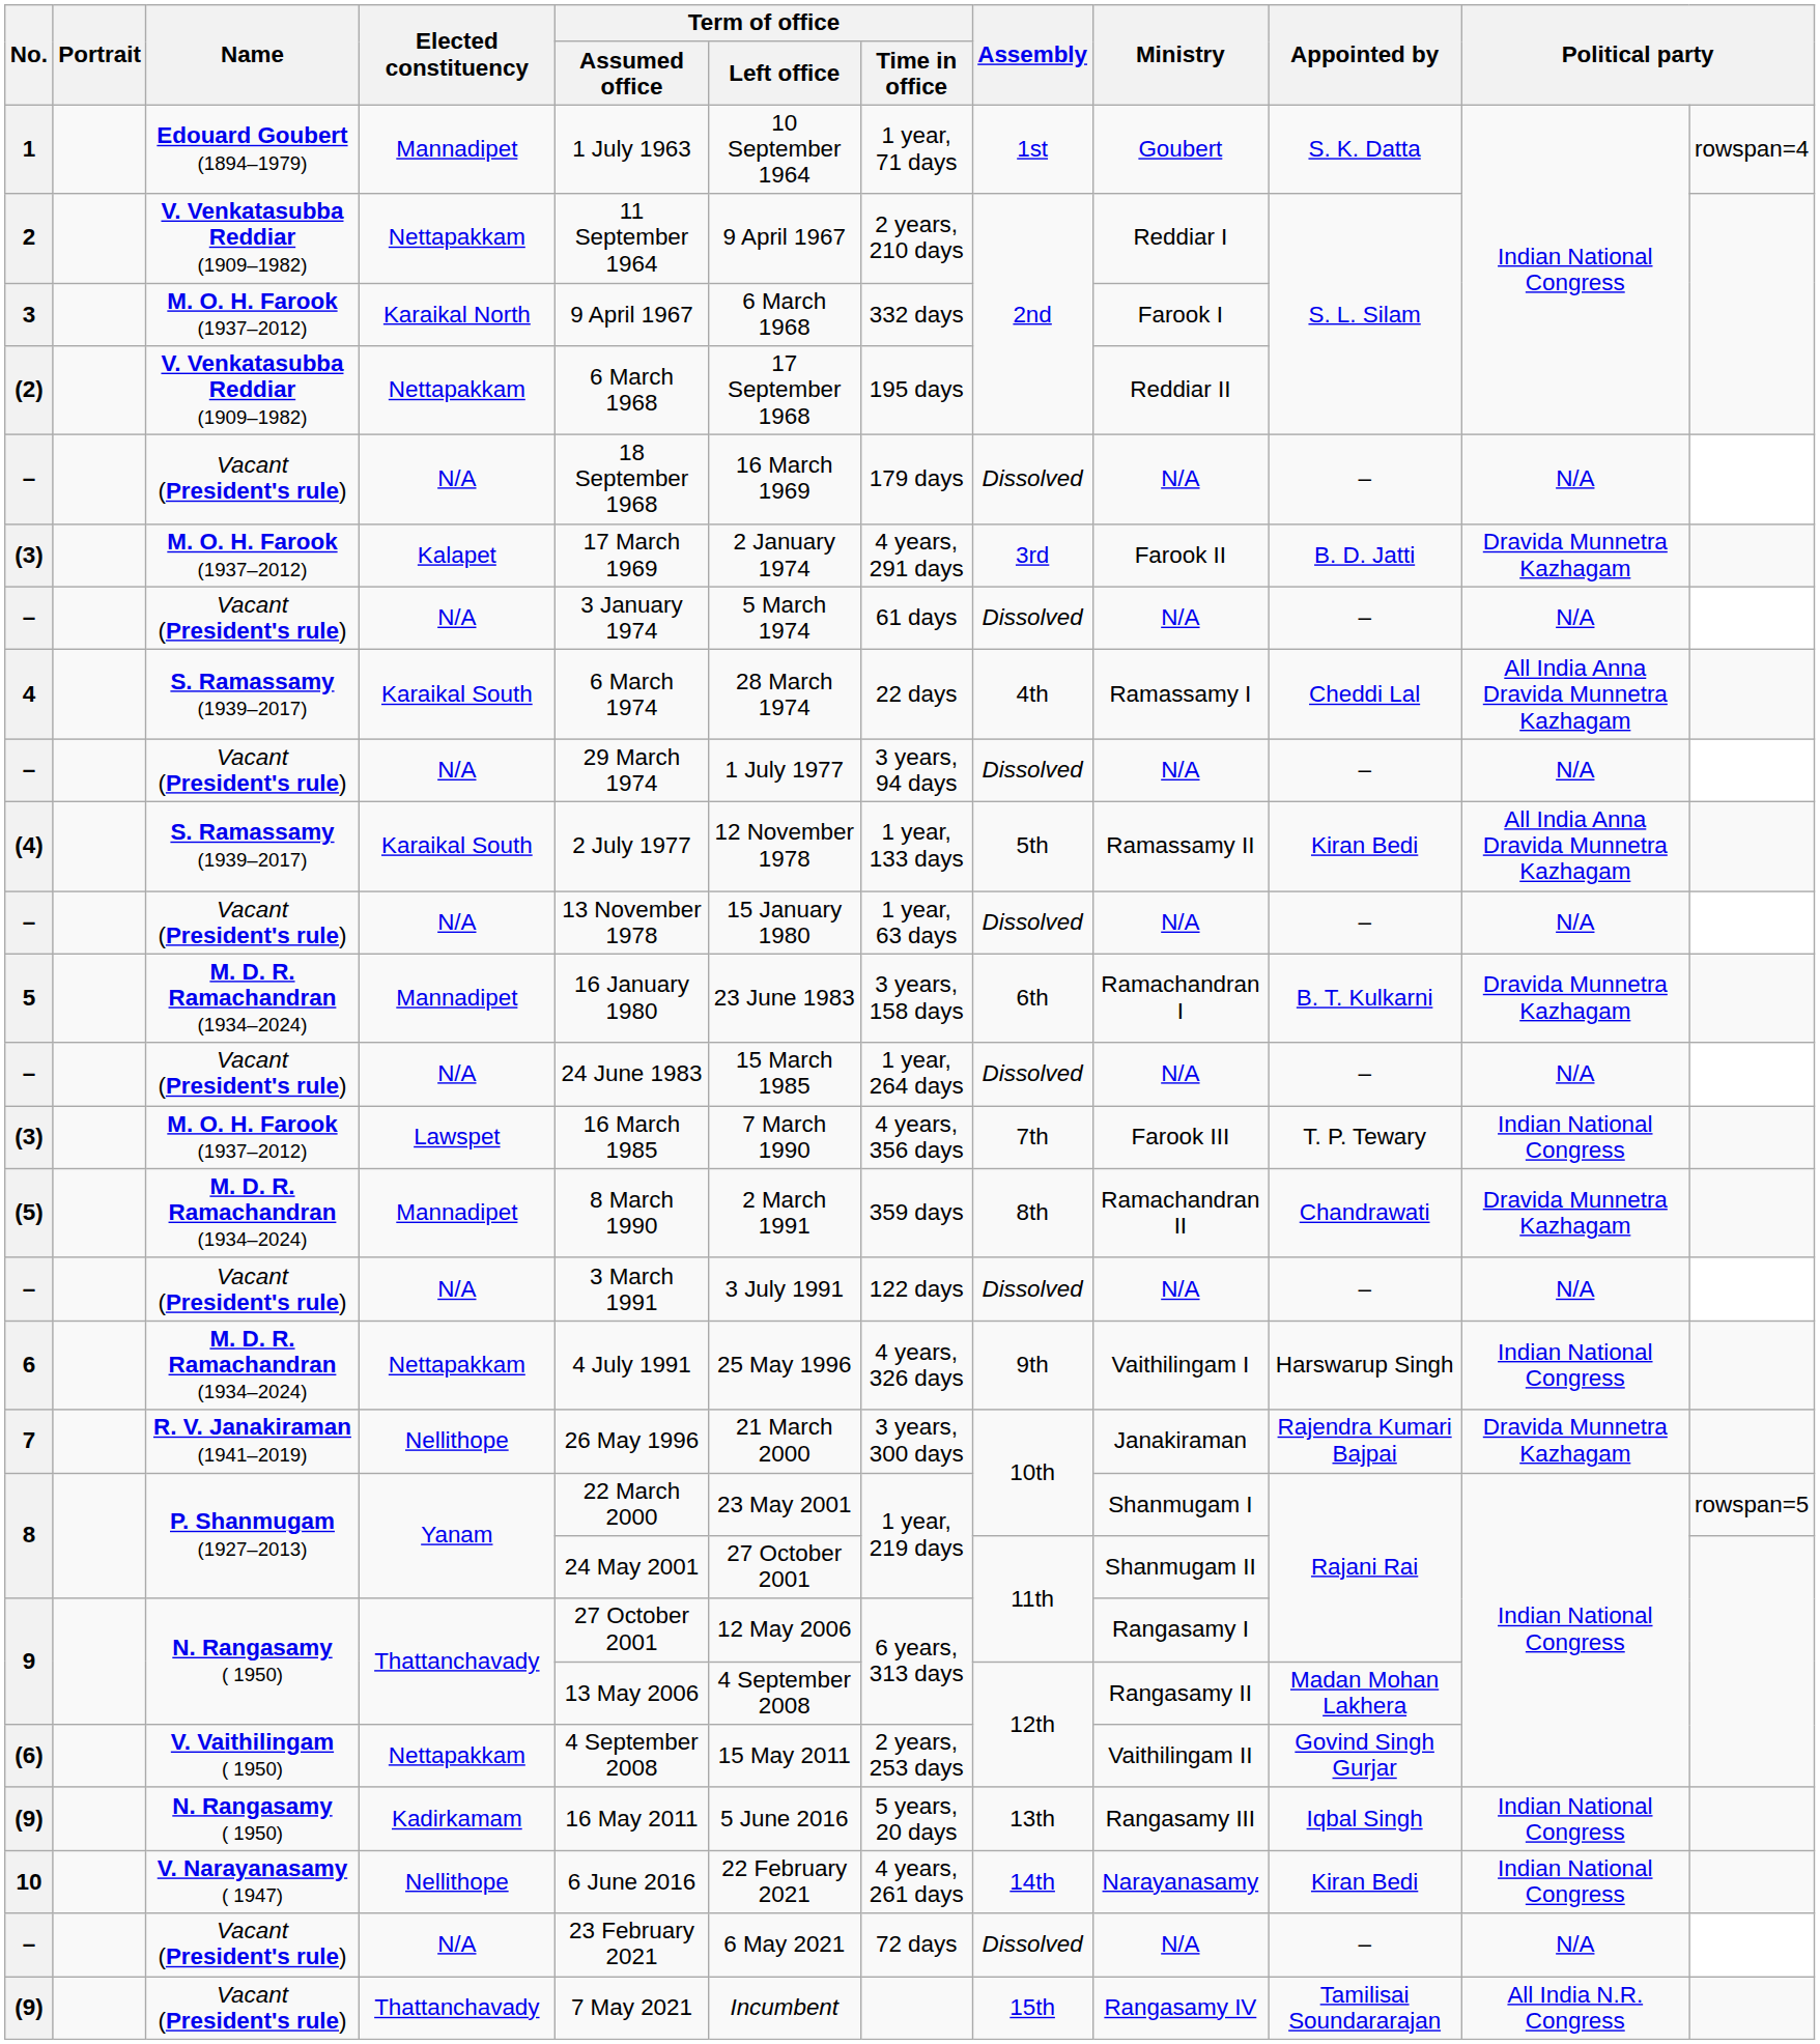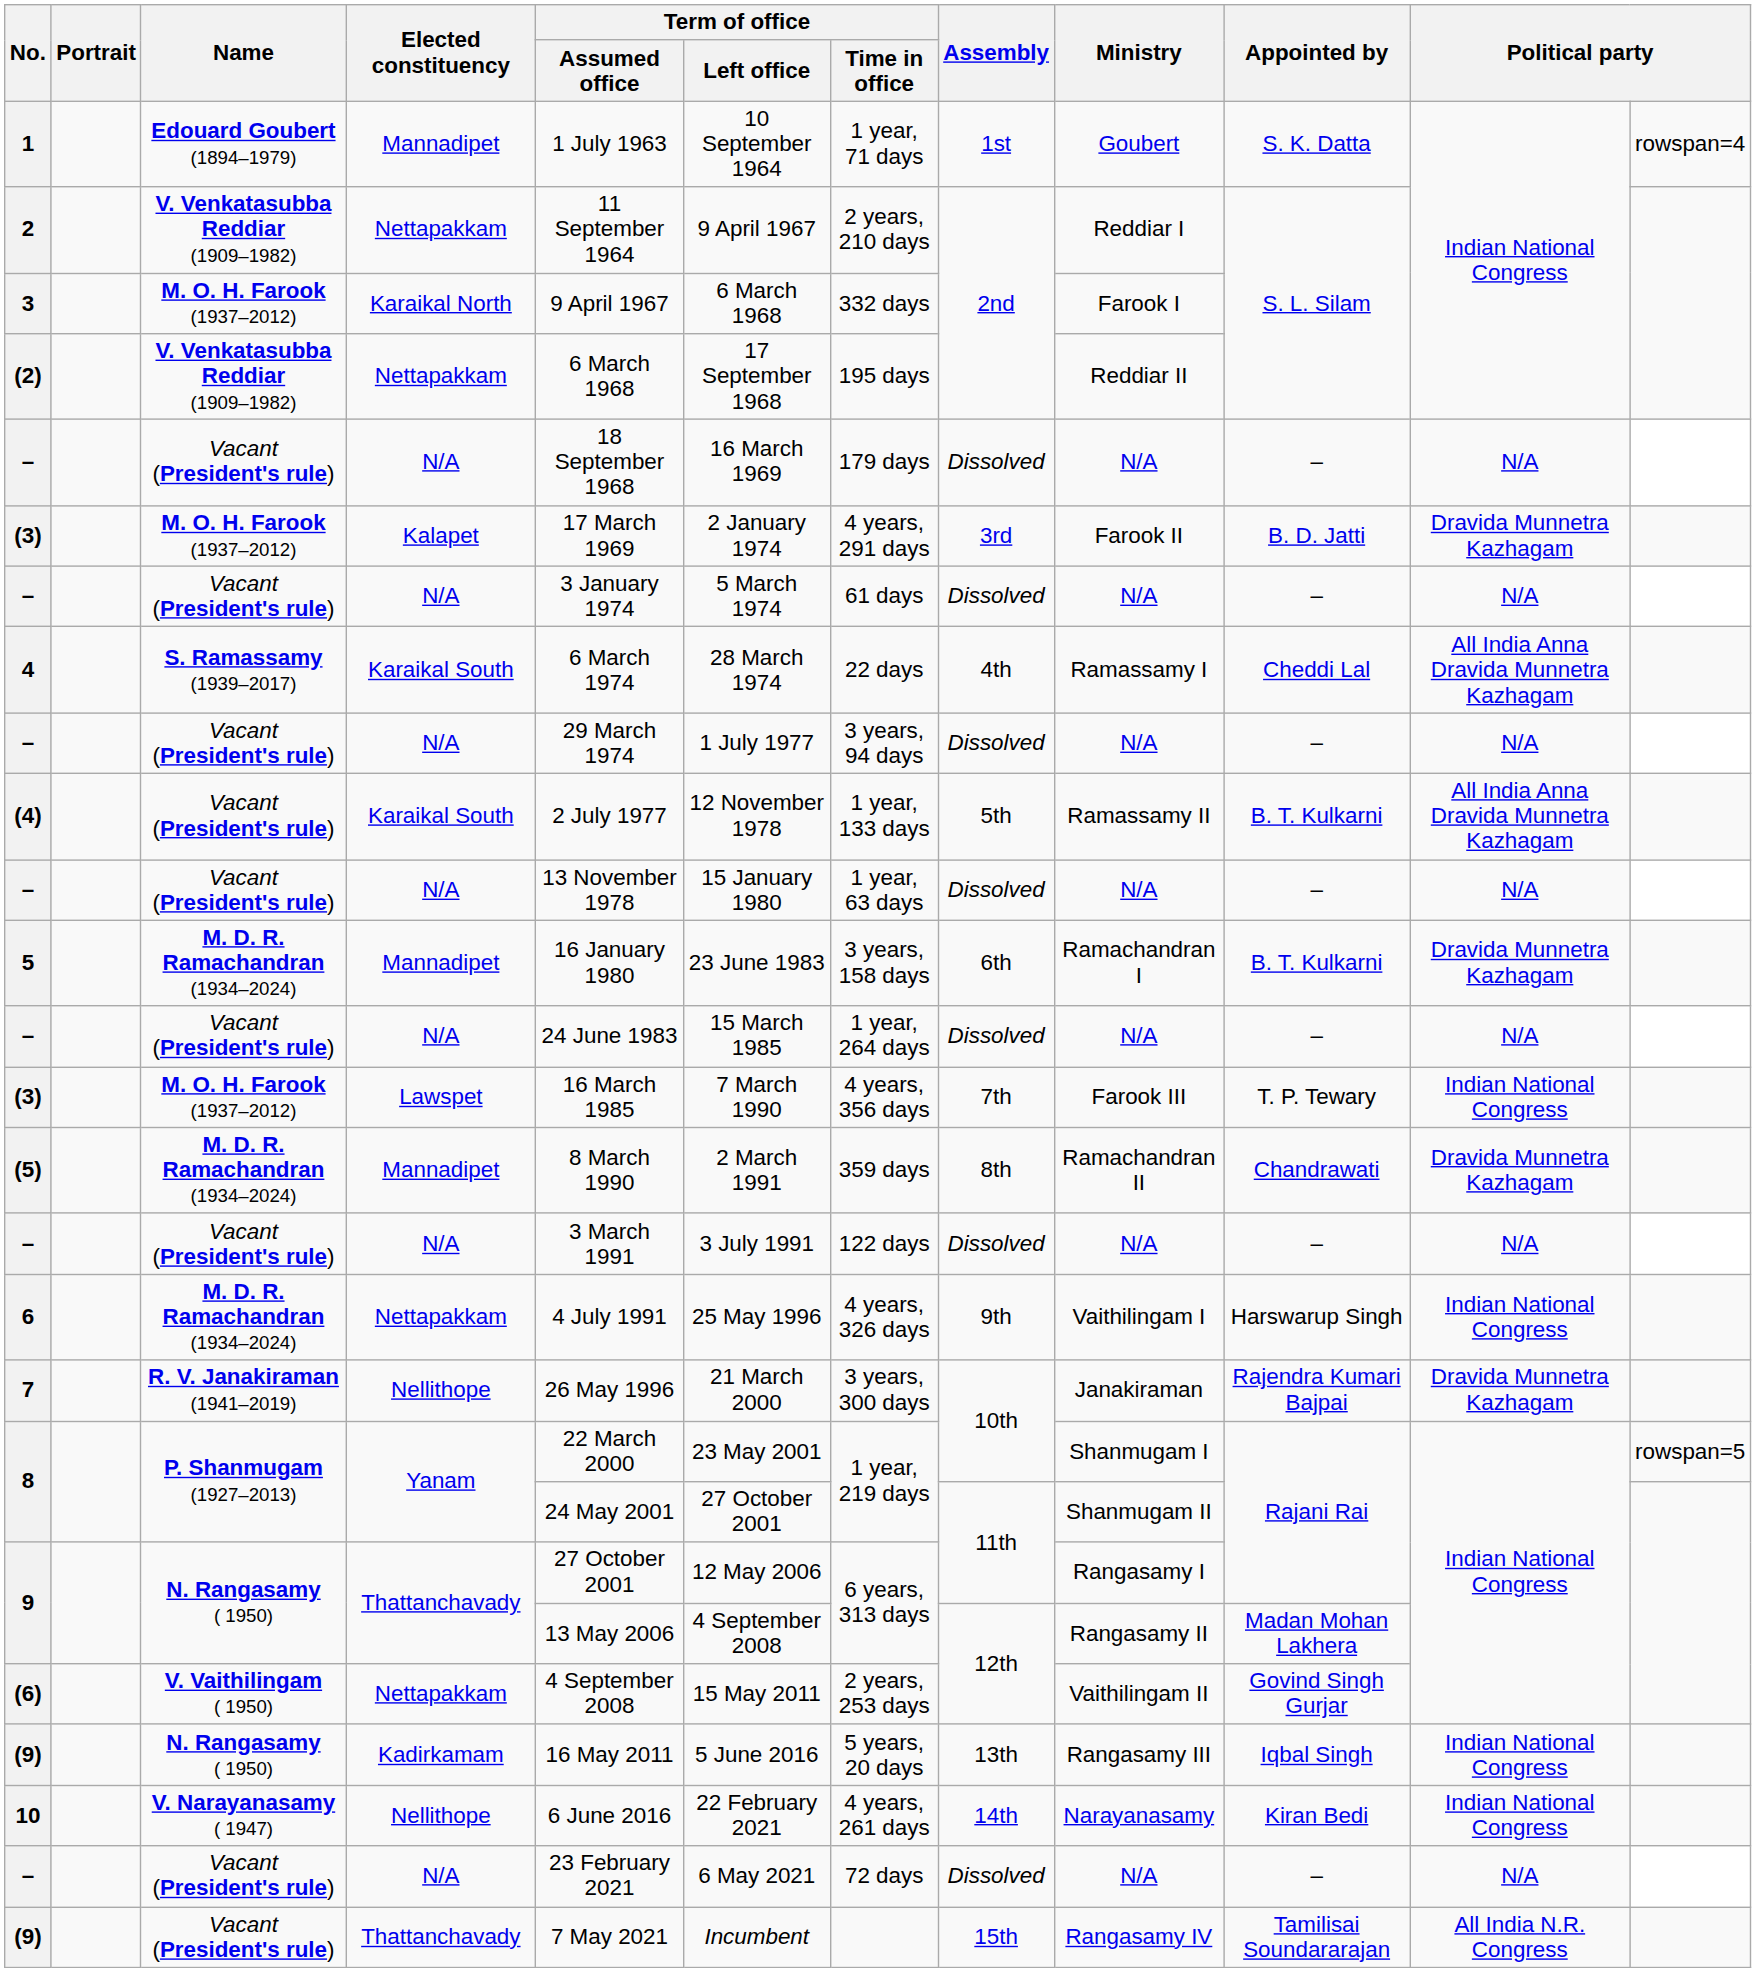 <table class="wikitable sortable" style="text-align:center;">
 <tr>
 <th rowspan=2>No.</th>
 <th rowspan=2>Portrait</th>
 <th rowspan=2>Name<br><small></small></th>
 <th rowspan=2>Elected constituency</th>
 <th colspan=3>Term of office</th>
 <th rowspan=2><a href='#'>Assembly</a><br></th>
 <th rowspan=2>Ministry</th>
 <th rowspan=2>Appointed by</th>
 <th rowspan=2 colspan=2>Political party</th>
 </tr>
 <tr>
 <th>Assumed office</th>
 <th>Left office</th>
 <th>Time in office</th>
 </tr>
 <tr>
 <th>1</th>
 <td></td>
 <td><strong><a href='#'>Edouard Goubert</a></strong><br><small>(1894–1979)</small></td>
 <td><a href='#'>Mannadipet</a></td>
 <td>1 July 1963</td>
 <td>10 September 1964</td>
 <td>1 year, 71 days</td>
 <td><a href='#'>1st</a><br></td>
 <td><a href='#'>Goubert</a></td>
 <td><a href='#'>S. K. Datta</a></td>
 <td rowspan=4><a href='#'>Indian National Congress</a></td>
 <td>rowspan=4 </td>
 </tr>
 <tr>
 <th>2</th>
 <td></td>
 <td><strong><a href='#'>V. Venkatasubba Reddiar</a></strong><br><small>(1909–1982)</small></td>
 <td><a href='#'>Nettapakkam</a></td>
 <td>11 September 1964</td>
 <td>9 April 1967</td>
 <td>2 years, 210 days</td>
 <td rowspan=3><a href='#'>2nd</a><br></td>
 <td>Reddiar I</td>
 <td rowspan=3><a href='#'>S. L. Silam</a></td>
 </tr>
 <tr>
 <th>3</th>
 <td></td>
 <td><strong><a href='#'>M. O. H. Farook</a></strong><br><small>(1937–2012)</small></td>
 <td><a href='#'>Karaikal North</a></td>
 <td>9 April 1967</td>
 <td>6 March 1968</td>
 <td>332 days</td>
 <td>Farook I</td>
 </tr>
 <tr>
 <th>(2)</th>
 <td></td>
 <td><strong><a href='#'>V. Venkatasubba Reddiar</a></strong><br><small>(1909–1982)</small></td>
 <td><a href='#'>Nettapakkam</a></td>
 <td>6 March 1968</td>
 <td>17 September 1968</td>
 <td>195 days</td>
 <td>Reddiar II</td>
 </tr>
 <tr>
 <th>–</th>
 <td></td>
 <td><em>Vacant</em><br>(<strong><a href='#'>President's rule</a></strong>)</td>
 <td><a href='#'>N/A</a></td>
 <td>18 September 1968</td>
 <td>16 March 1969</td>
 <td>179 days</td>
 <td><em>Dissolved</em></td>
 <td><a href='#'>N/A</a></td>
 <td>–</td>
 <td><a href='#'>N/A</a></td>
 <td style="background:white;"></td>
 </tr>
 <tr>
 <th>(3)</th>
 <td></td>
 <td><strong><a href='#'>M. O. H. Farook</a></strong><br><small>(1937–2012)</small></td>
 <td><a href='#'>Kalapet</a></td>
 <td>17 March 1969</td>
 <td>2 January 1974</td>
 <td>4 years, 291 days</td>
 <td><a href='#'>3rd</a><br></td>
 <td>Farook II</td>
 <td><a href='#'>B. D. Jatti</a></td>
 <td><a href='#'>Dravida Munnetra Kazhagam</a></td>
 <td></td>
 </tr>
 <tr>
 <th>–</th>
 <td></td>
 <td><em>Vacant</em><br>(<strong><a href='#'>President's rule</a></strong>)</td>
 <td><a href='#'>N/A</a></td>
 <td>3 January 1974</td>
 <td>5 March 1974</td>
 <td>61 days</td>
 <td><em>Dissolved</em></td>
 <td><a href='#'>N/A</a></td>
 <td>–</td>
 <td><a href='#'>N/A</a></td>
 <td style="background:white;"></td>
 </tr>
 <tr>
 <th>4</th>
 <td></td>
 <td><strong><a href='#'>S. Ramassamy</a></strong><br><small>(1939–2017)</small></td>
 <td><a href='#'>Karaikal South</a></td>
 <td>6 March 1974</td>
 <td>28 March 1974</td>
 <td>22 days</td>
 <td>4th<br></td>
 <td>Ramassamy I</td>
 <td><a href='#'>Cheddi Lal</a></td>
 <td><a href='#'>All India Anna Dravida Munnetra Kazhagam</a></td>
 <td></td>
 </tr>
 <tr>
 <th>–</th>
 <td></td>
 <td><em>Vacant</em><br>(<strong><a href='#'>President's rule</a></strong>)</td>
 <td><a href='#'>N/A</a></td>
 <td>29 March 1974</td>
 <td>1 July 1977</td>
 <td>3 years, 94 days</td>
 <td><em>Dissolved</em></td>
 <td><a href='#'>N/A</a></td>
 <td>–</td>
 <td><a href='#'>N/A</a></td>
 <td style="background:white;"></td>
 </tr>
 <tr>
 <th>(4)</th>
 <td></td>
-<td><strong><a href='#'>S. Ramassamy</a></strong><br><small>(1939–2017)</small></td>
+<td><em>Vacant</em><br>(<strong><a href='#'>President's rule</a></strong>)</td>
 <td><a href='#'>Karaikal South</a></td>
 <td>2 July 1977</td>
 <td>12 November 1978</td>
 <td>1 year, 133 days</td>
 <td>5th<br></td>
 <td>Ramassamy II</td>
-<td><a href='#'>Kiran Bedi</a></td>
+<td><a href='#'>B. T. Kulkarni</a></td>
 <td><a href='#'>All India Anna Dravida Munnetra Kazhagam</a></td>
 <td></td>
 </tr>
 <tr>
 <th>–</th>
 <td></td>
 <td><em>Vacant</em><br>(<strong><a href='#'>President's rule</a></strong>)</td>
 <td><a href='#'>N/A</a></td>
 <td>13 November 1978</td>
 <td>15 January 1980</td>
 <td>1 year, 63 days</td>
 <td><em>Dissolved</em></td>
 <td><a href='#'>N/A</a></td>
 <td>–</td>
 <td><a href='#'>N/A</a></td>
 <td style="background:white;"></td>
 </tr>
 <tr>
 <th>5</th>
 <td></td>
 <td><strong><a href='#'>M. D. R. Ramachandran</a></strong><br><small>(1934–2024)</small></td>
 <td><a href='#'>Mannadipet</a></td>
 <td>16 January 1980</td>
 <td>23 June 1983</td>
 <td>3 years, 158 days</td>
 <td>6th<br></td>
 <td>Ramachandran I</td>
 <td><a href='#'>B. T. Kulkarni</a></td>
 <td><a href='#'>Dravida Munnetra Kazhagam</a></td>
 <td></td>
 </tr>
 <tr>
 <th>–</th>
 <td></td>
 <td><em>Vacant</em><br>(<strong><a href='#'>President's rule</a></strong>)</td>
 <td><a href='#'>N/A</a></td>
 <td>24 June 1983</td>
 <td>15 March 1985</td>
 <td>1 year, 264 days</td>
 <td><em>Dissolved</em></td>
 <td><a href='#'>N/A</a></td>
 <td>–</td>
 <td><a href='#'>N/A</a></td>
 <td style="background:white;"></td>
 </tr>
 <tr>
 <th>(3)</th>
 <td></td>
 <td><strong><a href='#'>M. O. H. Farook</a></strong><br><small>(1937–2012)</small></td>
 <td><a href='#'>Lawspet</a></td>
 <td>16 March 1985</td>
 <td>7 March 1990</td>
 <td>4 years, 356 days</td>
 <td>7th<br></td>
 <td>Farook III</td>
 <td>T. P. Tewary</td>
 <td><a href='#'>Indian National Congress</a></td>
 <td></td>
 </tr>
 <tr>
 <th>(5)</th>
 <td></td>
 <td><strong><a href='#'>M. D. R. Ramachandran</a></strong><br><small>(1934–2024)</small></td>
 <td><a href='#'>Mannadipet</a></td>
 <td>8 March 1990</td>
 <td>2 March 1991</td>
 <td>359 days</td>
 <td>8th<br></td>
 <td>Ramachandran II</td>
 <td><a href='#'>Chandrawati</a></td>
 <td><a href='#'>Dravida Munnetra Kazhagam</a></td>
 <td></td>
 </tr>
 <tr>
 <th>–</th>
 <td></td>
 <td><em>Vacant</em><br>(<strong><a href='#'>President's rule</a></strong>)</td>
 <td><a href='#'>N/A</a></td>
 <td>3 March 1991</td>
 <td>3 July 1991</td>
 <td>122 days</td>
 <td><em>Dissolved</em></td>
 <td><a href='#'>N/A</a></td>
 <td>–</td>
 <td><a href='#'>N/A</a></td>
 <td style="background:white;"></td>
 </tr>
 <tr>
 <th>6</th>
 <td></td>
 <td><strong><a href='#'>M. D. R. Ramachandran</a></strong><br><small>(1934–2024)</small></td>
 <td><a href='#'>Nettapakkam</a></td>
 <td>4 July 1991</td>
 <td>25 May 1996</td>
 <td>4 years, 326 days</td>
 <td>9th<br></td>
 <td>Vaithilingam I</td>
 <td>Harswarup Singh</td>
 <td><a href='#'>Indian National Congress</a></td>
 <td></td>
 </tr>
 <tr>
 <th>7</th>
 <td></td>
 <td><strong><a href='#'>R. V. Janakiraman</a></strong><br><small>(1941–2019)</small></td>
 <td><a href='#'>Nellithope</a></td>
 <td>26 May 1996</td>
 <td>21 March 2000</td>
 <td>3 years, 300 days</td>
 <td rowspan=2>10th<br></td>
 <td>Janakiraman</td>
 <td><a href='#'>Rajendra Kumari Bajpai</a></td>
 <td><a href='#'>Dravida Munnetra Kazhagam</a></td>
 <td></td>
 </tr>
 <tr>
 <th rowspan=2>8</th>
 <td rowspan=2></td>
 <td rowspan=2><strong><a href='#'>P. Shanmugam</a></strong><br><small>(1927–2013)</small></td>
 <td rowspan=2><a href='#'>Yanam</a></td>
 <td>22 March 2000</td>
 <td>23 May 2001</td>
 <td rowspan=2>1 year, 219 days</td>
 <td>Shanmugam I</td>
 <td rowspan=3><a href='#'>Rajani Rai</a></td>
 <td rowspan=5><a href='#'>Indian National Congress</a></td>
 <td>rowspan=5 </td>
 </tr>
 <tr>
 <td>24 May 2001</td>
 <td>27 October 2001</td>
 <td rowspan=2>11th<br></td>
 <td>Shanmugam II</td>
 </tr>
 <tr>
 <th rowspan=2>9</th>
 <td rowspan=2></td>
 <td rowspan=2><strong><a href='#'>N. Rangasamy</a></strong><br><small>( 1950)</small></td>
 <td rowspan=2><a href='#'>Thattanchavady</a></td>
 <td>27 October 2001</td>
 <td>12 May 2006</td>
 <td rowspan=2>6 years, 313 days</td>
 <td>Rangasamy I</td>
 </tr>
 <tr>
 <td>13 May 2006</td>
 <td>4 September 2008</td>
 <td rowspan=2>12th<br></td>
 <td>Rangasamy II</td>
 <td><a href='#'>Madan Mohan Lakhera</a></td>
 </tr>
 <tr>
 <th>(6)</th>
 <td></td>
 <td><strong><a href='#'>V. Vaithilingam</a></strong><br><small>( 1950)</small></td>
 <td><a href='#'>Nettapakkam</a></td>
 <td>4 September 2008</td>
 <td>15 May 2011</td>
 <td>2 years, 253 days</td>
 <td>Vaithilingam II</td>
 <td><a href='#'>Govind Singh Gurjar</a></td>
 </tr>
 <tr>
 <th>(9)</th>
 <td></td>
 <td><strong><a href='#'>N. Rangasamy</a></strong><br><small>( 1950)</small></td>
 <td><a href='#'>Kadirkamam</a></td>
 <td>16 May 2011</td>
 <td>5 June 2016</td>
 <td>5 years, 20 days</td>
 <td>13th<br></td>
 <td>Rangasamy III</td>
 <td><a href='#'>Iqbal Singh</a></td>
 <td><a href='#'>Indian National Congress</a></td>
 <td></td>
 </tr>
 <tr>
 <th>10</th>
 <td></td>
 <td><strong><a href='#'>V. Narayanasamy</a></strong><br><small>( 1947)</small></td>
 <td><a href='#'>Nellithope</a></td>
 <td>6 June 2016</td>
 <td>22 February 2021</td>
 <td>4 years, 261 days</td>
 <td><a href='#'>14th</a><br></td>
 <td><a href='#'>Narayanasamy</a></td>
 <td><a href='#'>Kiran Bedi</a></td>
 <td><a href='#'>Indian National Congress</a></td>
 <td></td>
 </tr>
 <tr>
 <th>–</th>
 <td></td>
 <td><em>Vacant</em><br>(<strong><a href='#'>President's rule</a></strong>)</td>
 <td><a href='#'>N/A</a></td>
 <td>23 February 2021</td>
 <td>6 May 2021</td>
 <td>72 days</td>
 <td><em>Dissolved</em></td>
 <td><a href='#'>N/A</a></td>
 <td>–</td>
 <td><a href='#'>N/A</a></td>
 <td style="background:white;"></td>
 </tr>
 <tr>
 <th>(9)</th>
 <td></td>
 <td><em>Vacant</em><br>(<strong><a href='#'>President's rule</a></strong>)</td>
 <td><a href='#'>Thattanchavady</a></td>
 <td>7 May 2021</td>
 <td><em>Incumbent</em></td>
 <td></td>
 <td><a href='#'>15th</a><br></td>
 <td><a href='#'>Rangasamy IV</a></td>
 <td><a href='#'>Tamilisai Soundararajan</a></td>
 <td><a href='#'>All India N.R. Congress</a></td>
 <td></td>
 </tr>
 </table>
